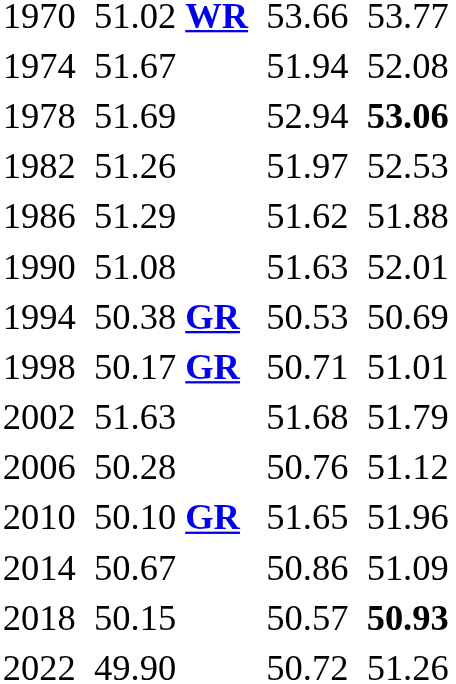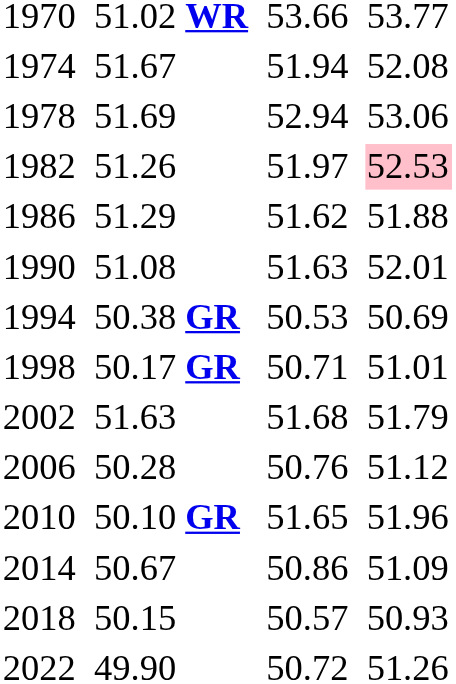 <table>
 <tr>
 <td>1970</td>
 <td></td>
 <td>51.02 <strong><a href='#'>WR</a></strong></td>
 <td></td>
 <td>53.66</td>
 <td></td>
 <td>53.77</td>
 </tr>
 <tr>
 <td>1974</td>
 <td></td>
 <td>51.67</td>
 <td></td>
 <td>51.94</td>
 <td></td>
 <td>52.08</td>
 </tr>
 <tr>
 <td>1978</td>
 <td></td>
 <td>51.69</td>
 <td></td>
 <td>52.94</td>
 <td></td>
-<td><strong>53.06</strong></td>
+<td>53.06</td>
 </tr>
 <tr>
 <td>1982</td>
 <td></td>
 <td>51.26</td>
 <td></td>
 <td>51.97</td>
 <td></td>
-<td>52.53</td>
+<td style="background: pink;">52.53</td>
 </tr>
 <tr>
 <td>1986</td>
 <td></td>
 <td>51.29</td>
 <td></td>
 <td>51.62</td>
 <td></td>
 <td>51.88</td>
 </tr>
 <tr>
 <td>1990</td>
 <td></td>
 <td>51.08</td>
 <td></td>
 <td>51.63</td>
 <td></td>
 <td>52.01</td>
 </tr>
 <tr>
 <td>1994</td>
 <td></td>
 <td>50.38 <strong><a href='#'>GR</a></strong></td>
 <td></td>
 <td>50.53</td>
 <td></td>
 <td>50.69</td>
 </tr>
 <tr>
 <td>1998</td>
 <td></td>
 <td>50.17 <strong><a href='#'>GR</a></strong></td>
 <td></td>
 <td>50.71</td>
 <td></td>
 <td>51.01</td>
 </tr>
 <tr>
 <td>2002<br></td>
 <td></td>
 <td>51.63</td>
 <td></td>
 <td>51.68</td>
 <td></td>
 <td>51.79</td>
 </tr>
 <tr>
 <td>2006<br></td>
 <td></td>
 <td>50.28</td>
 <td></td>
 <td>50.76</td>
 <td></td>
 <td>51.12</td>
 </tr>
 <tr>
 <td>2010<br></td>
 <td></td>
 <td>50.10 <strong><a href='#'>GR</a></strong></td>
 <td></td>
 <td>51.65</td>
 <td></td>
 <td>51.96</td>
 </tr>
 <tr>
 <td>2014<br></td>
 <td></td>
 <td>50.67</td>
 <td></td>
 <td>50.86</td>
 <td></td>
 <td>51.09</td>
 </tr>
 <tr>
 <td>2018<br></td>
 <td></td>
 <td>50.15</td>
 <td></td>
 <td>50.57</td>
 <td></td>
-<td><strong>50.93</strong></td>
+<td>50.93</td>
 </tr>
 <tr>
 <td>2022<br></td>
 <td></td>
 <td>49.90 </td>
 <td></td>
 <td>50.72</td>
 <td></td>
 <td>51.26</td>
 </tr>
 </table>
